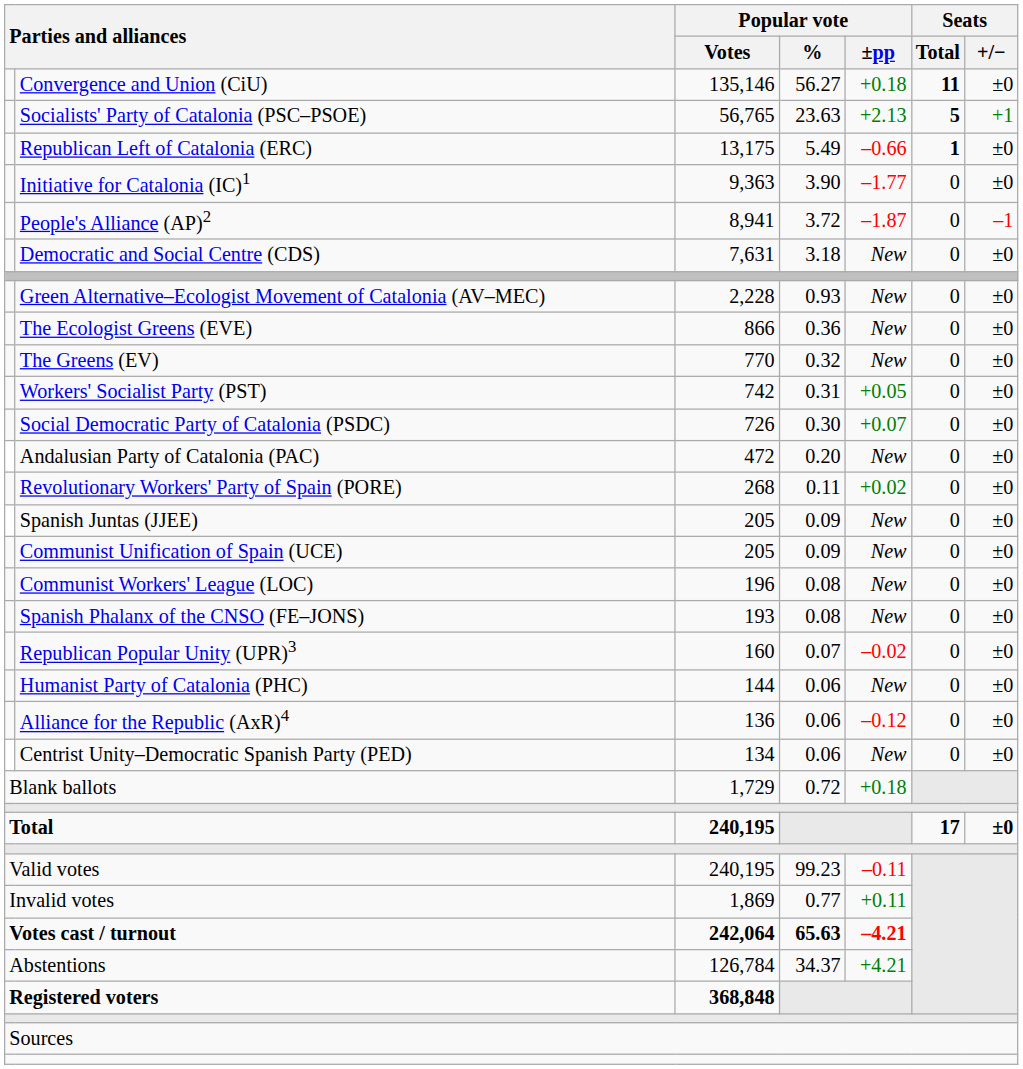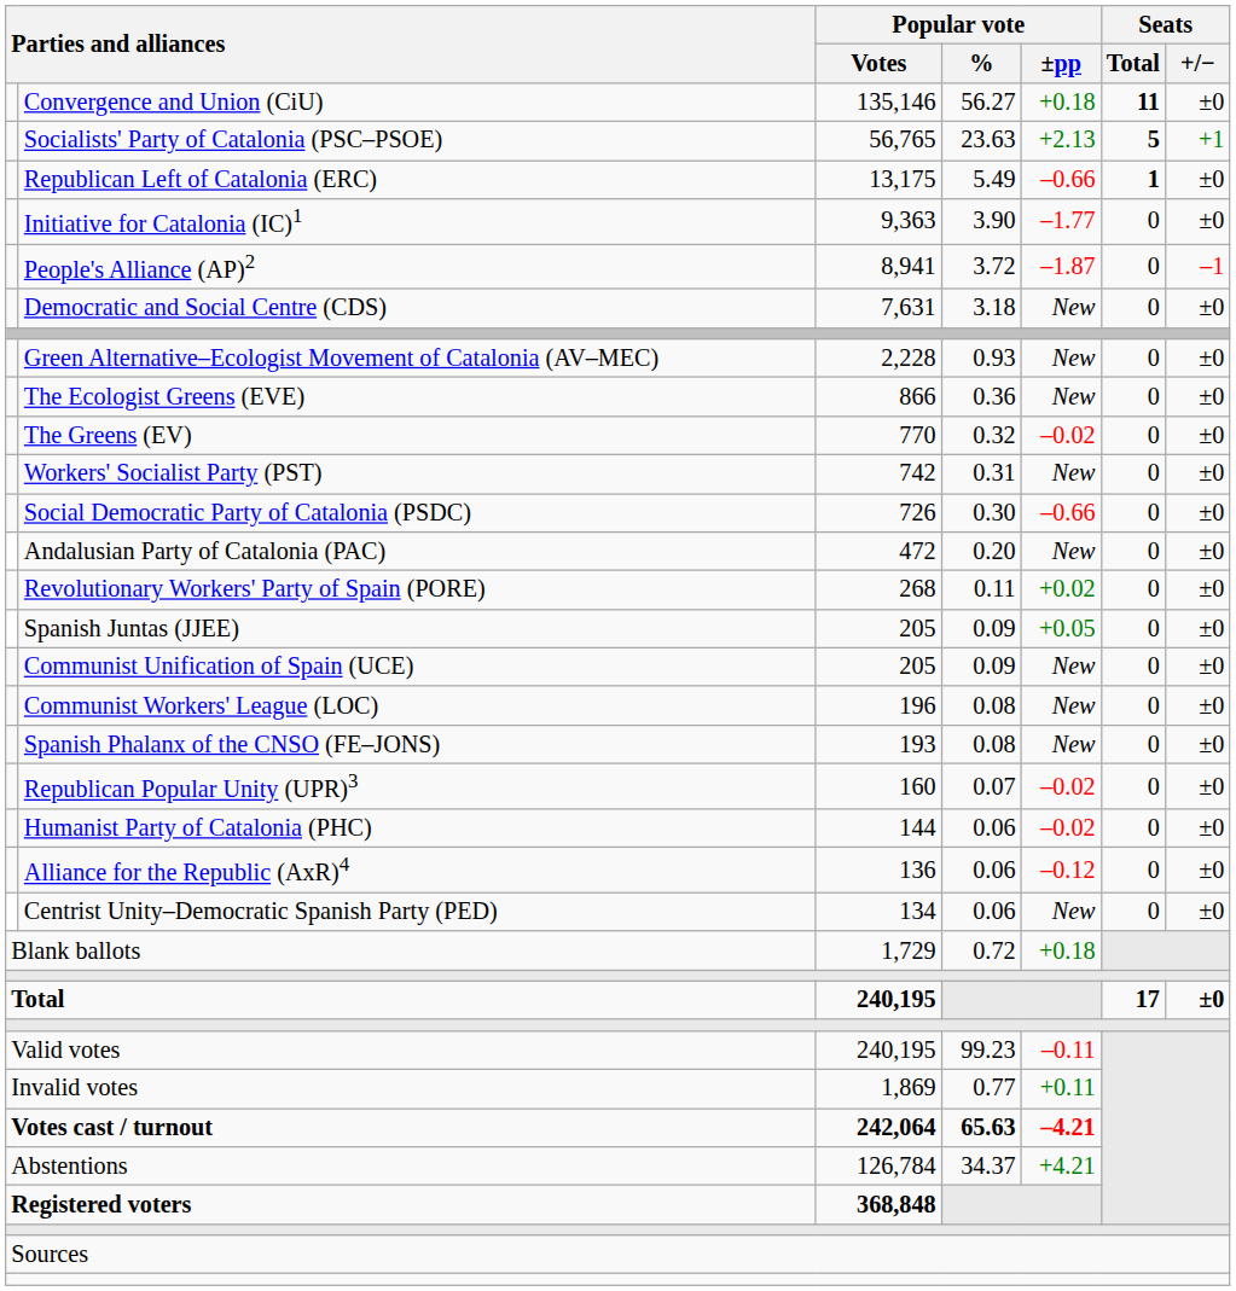 <table class="wikitable" style="text-align:right;">
 <tr>
 <th style="text-align:left;" rowspan="2" colspan="2" width="525">Parties and alliances</th>
 <th colspan="3">Popular vote</th>
 <th colspan="2">Seats</th>
 </tr>
 <tr>
 <th width="75">Votes</th>
 <th width="45">%</th>
 <th width="45">±<a href='#'>pp</a></th>
 <th width="35">Total</th>
 <th width="35">+/−</th>
 </tr>
 <tr>
 <td width="1" style="color:inherit;background:"></td>
 <td align="left"><a href='#'>Convergence and Union</a> (CiU)</td>
 <td>135,146</td>
 <td>56.27</td>
 <td style="color:green;">+0.18</td>
 <td><strong>11</strong></td>
 <td>±0</td>
 </tr>
 <tr>
 <td style="color:inherit;background:"></td>
 <td align="left"><a href='#'>Socialists' Party of Catalonia</a> (PSC–PSOE)</td>
 <td>56,765</td>
 <td>23.63</td>
 <td style="color:green;">+2.13</td>
 <td><strong>5</strong></td>
 <td style="color:green;">+1</td>
 </tr>
 <tr>
 <td style="color:inherit;background:"></td>
 <td align="left"><a href='#'>Republican Left of Catalonia</a> (ERC)</td>
 <td>13,175</td>
 <td>5.49</td>
 <td style="color:red;">–0.66</td>
 <td><strong>1</strong></td>
 <td>±0</td>
 </tr>
 <tr>
 <td style="color:inherit;background:"></td>
 <td align="left"><a href='#'>Initiative for Catalonia</a> (IC)<sup>1</sup></td>
 <td>9,363</td>
 <td>3.90</td>
 <td style="color:red;">–1.77</td>
 <td>0</td>
 <td>±0</td>
 </tr>
 <tr>
 <td style="color:inherit;background:"></td>
 <td align="left"><a href='#'>People's Alliance</a> (AP)<sup>2</sup></td>
 <td>8,941</td>
 <td>3.72</td>
 <td style="color:red;">–1.87</td>
 <td>0</td>
 <td style="color:red;">–1</td>
 </tr>
 <tr>
 <td style="color:inherit;background:"></td>
 <td align="left"><a href='#'>Democratic and Social Centre</a> (CDS)</td>
 <td>7,631</td>
 <td>3.18</td>
 <td><em>New</em></td>
 <td>0</td>
 <td>±0</td>
 </tr>
 <tr>
 <td colspan="7" bgcolor="#C0C0C0"></td>
 </tr>
 <tr>
 <td style="color:inherit;background:"></td>
 <td align="left"><a href='#'>Green Alternative–Ecologist Movement of Catalonia</a> (AV–MEC)</td>
 <td>2,228</td>
 <td>0.93</td>
 <td><em>New</em></td>
 <td>0</td>
 <td>±0</td>
 </tr>
 <tr>
 <td style="color:inherit;background:"></td>
 <td align="left"><a href='#'>The Ecologist Greens</a> (EVE)</td>
 <td>866</td>
 <td>0.36</td>
 <td><em>New</em></td>
 <td>0</td>
 <td>±0</td>
 </tr>
 <tr>
 <td style="color:inherit;background:"></td>
 <td align="left"><a href='#'>The Greens</a> (EV)</td>
 <td>770</td>
 <td>0.32</td>
-<td><em>New</em></td>
+<td style="color:red;">–0.02</td>
 <td>0</td>
 <td>±0</td>
 </tr>
 <tr>
 <td style="color:inherit;background:"></td>
 <td align="left"><a href='#'>Workers' Socialist Party</a> (PST)</td>
 <td>742</td>
 <td>0.31</td>
-<td style="color:green;">+0.05</td>
+<td><em>New</em></td>
 <td>0</td>
 <td>±0</td>
 </tr>
 <tr>
 <td style="color:inherit;background:"></td>
 <td align="left"><a href='#'>Social Democratic Party of Catalonia</a> (PSDC)</td>
 <td>726</td>
 <td>0.30</td>
-<td style="color:green;">+0.07</td>
+<td style="color:red;">–0.66</td>
 <td>0</td>
 <td>±0</td>
 </tr>
 <tr>
 <td bgcolor="white"></td>
 <td align="left">Andalusian Party of Catalonia (PAC)</td>
 <td>472</td>
 <td>0.20</td>
 <td><em>New</em></td>
 <td>0</td>
 <td>±0</td>
 </tr>
 <tr>
 <td style="color:inherit;background:"></td>
 <td align="left"><a href='#'>Revolutionary Workers' Party of Spain</a> (PORE)</td>
 <td>268</td>
 <td>0.11</td>
 <td style="color:green;">+0.02</td>
 <td>0</td>
 <td>±0</td>
 </tr>
 <tr>
 <td bgcolor="white"></td>
 <td align="left">Spanish Juntas (JJEE)</td>
 <td>205</td>
 <td>0.09</td>
-<td><em>New</em></td>
+<td style="color:green;">+0.05</td>
 <td>0</td>
 <td>±0</td>
 </tr>
 <tr>
 <td style="color:inherit;background:"></td>
 <td align="left"><a href='#'>Communist Unification of Spain</a> (UCE)</td>
 <td>205</td>
 <td>0.09</td>
 <td><em>New</em></td>
 <td>0</td>
 <td>±0</td>
 </tr>
 <tr>
 <td style="color:inherit;background:"></td>
 <td align="left"><a href='#'>Communist Workers' League</a> (LOC)</td>
 <td>196</td>
 <td>0.08</td>
 <td><em>New</em></td>
 <td>0</td>
 <td>±0</td>
 </tr>
 <tr>
 <td style="color:inherit;background:"></td>
 <td align="left"><a href='#'>Spanish Phalanx of the CNSO</a> (FE–JONS)</td>
 <td>193</td>
 <td>0.08</td>
 <td><em>New</em></td>
 <td>0</td>
 <td>±0</td>
 </tr>
 <tr>
 <td style="color:inherit;background:"></td>
 <td align="left"><a href='#'>Republican Popular Unity</a> (UPR)<sup>3</sup></td>
 <td>160</td>
 <td>0.07</td>
 <td style="color:red;">–0.02</td>
 <td>0</td>
 <td>±0</td>
 </tr>
 <tr>
 <td style="color:inherit;background:"></td>
 <td align="left"><a href='#'>Humanist Party of Catalonia</a> (PHC)</td>
 <td>144</td>
 <td>0.06</td>
-<td><em>New</em></td>
+<td style="color:red;">–0.02</td>
 <td>0</td>
 <td>±0</td>
 </tr>
 <tr>
 <td style="color:inherit;background:"></td>
 <td align="left"><a href='#'>Alliance for the Republic</a> (AxR)<sup>4</sup></td>
 <td>136</td>
 <td>0.06</td>
 <td style="color:red;">–0.12</td>
 <td>0</td>
 <td>±0</td>
 </tr>
 <tr>
 <td bgcolor="white"></td>
 <td align="left">Centrist Unity–Democratic Spanish Party (PED)</td>
 <td>134</td>
 <td>0.06</td>
 <td><em>New</em></td>
 <td>0</td>
 <td>±0</td>
 </tr>
 <tr>
 <td align="left" colspan="2">Blank ballots</td>
 <td>1,729</td>
 <td>0.72</td>
 <td style="color:green;">+0.18</td>
 <td bgcolor="#E9E9E9" colspan="2"></td>
 </tr>
 <tr>
 <td colspan="7" bgcolor="#E9E9E9"></td>
 </tr>
 <tr style="font-weight:bold;">
 <td align="left" colspan="2">Total</td>
 <td>240,195</td>
 <td bgcolor="#E9E9E9" colspan="2"></td>
 <td>17</td>
 <td>±0</td>
 </tr>
 <tr>
 <td colspan="7" bgcolor="#E9E9E9"></td>
 </tr>
 <tr>
 <td align="left" colspan="2">Valid votes</td>
 <td>240,195</td>
 <td>99.23</td>
 <td style="color:red;">–0.11</td>
 <td bgcolor="#E9E9E9" colspan="2" rowspan="5"></td>
 </tr>
 <tr>
 <td align="left" colspan="2">Invalid votes</td>
 <td>1,869</td>
 <td>0.77</td>
 <td style="color:green;">+0.11</td>
 </tr>
 <tr style="font-weight:bold;">
 <td align="left" colspan="2">Votes cast / turnout</td>
 <td>242,064</td>
 <td>65.63</td>
 <td style="color:red;">–4.21</td>
 </tr>
 <tr>
 <td align="left" colspan="2">Abstentions</td>
 <td>126,784</td>
 <td>34.37</td>
 <td style="color:green;">+4.21</td>
 </tr>
 <tr style="font-weight:bold;">
 <td align="left" colspan="2">Registered voters</td>
 <td>368,848</td>
 <td bgcolor="#E9E9E9" colspan="2"></td>
 </tr>
 <tr>
 <td colspan="7" bgcolor="#E9E9E9"></td>
 </tr>
 <tr>
 <td align="left" colspan="7">Sources</td>
 </tr>
 <tr>
 <td colspan="7" style="text-align:left; max-width:790px;"></td>
 </tr>
 </table>
